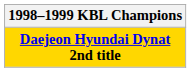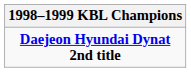 <table class=wikitable style="text-align:center; margin:auto">
 <tr>
 <th>1998–1999 KBL Champions</th>
 </tr>
 <tr>
-<td style="background: gold;"><strong><a href='#'>Daejeon Hyundai Dynat</a></strong><br><strong>2nd title</strong></td>
+<td><strong><a href='#'>Daejeon Hyundai Dynat</a></strong><br><strong>2nd title</strong></td>
 </tr>
 </table>
